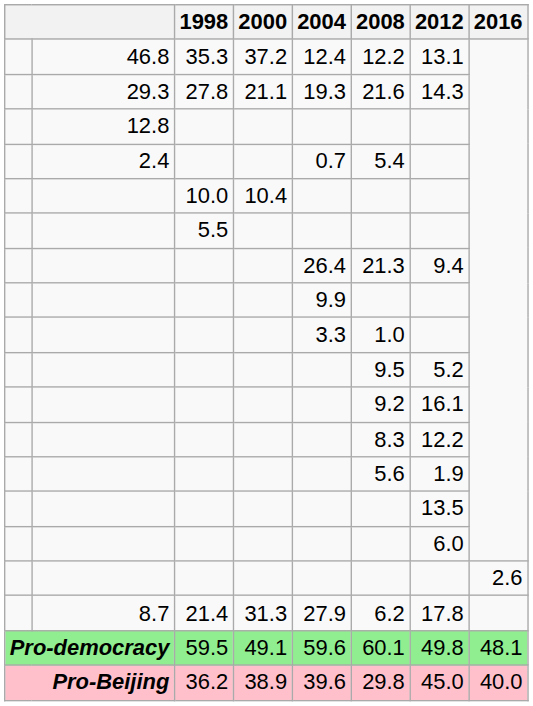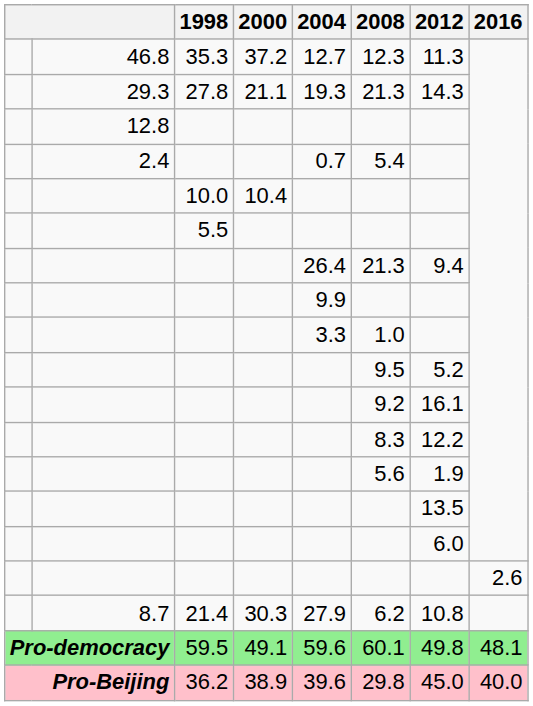 <table class="wikitable" style="text-align: right;">
 <tr bgcolor="#CCCCCC">
 <th colspan=2></th>
 <th>1998</th>
 <th>2000</th>
 <th>2004</th>
 <th>2008</th>
 <th>2012</th>
 <th>2016</th>
 </tr>
 <tr>
 <td></td>
 <td>46.8</td>
 <td>35.3</td>
 <td>37.2</td>
-<td>12.4</td>
-<td>12.2</td>
-<td>13.1</td>
+<td>12.7</td>
+<td>12.3</td>
+<td>11.3</td>
 </tr>
 <tr>
 <td></td>
 <td>29.3</td>
 <td>27.8</td>
 <td>21.1</td>
 <td>19.3</td>
-<td>21.6</td>
+<td>21.3</td>
 <td>14.3</td>
 </tr>
 <tr>
 <td></td>
 <td>12.8</td>
 <td></td>
 <td></td>
 <td></td>
 <td></td>
 <td></td>
 </tr>
 <tr>
 <td></td>
 <td>2.4</td>
 <td></td>
 <td></td>
 <td>0.7</td>
 <td>5.4</td>
 <td></td>
 </tr>
 <tr>
 <td></td>
 <td></td>
 <td>10.0</td>
 <td>10.4</td>
 <td></td>
 <td></td>
 <td></td>
 </tr>
 <tr>
 <td></td>
 <td></td>
 <td>5.5</td>
 <td></td>
 <td></td>
 <td></td>
 <td></td>
 </tr>
 <tr>
 <td></td>
 <td></td>
 <td></td>
 <td></td>
 <td>26.4</td>
 <td>21.3</td>
 <td>9.4</td>
 </tr>
 <tr>
 <td></td>
 <td></td>
 <td></td>
 <td></td>
 <td>9.9</td>
 <td></td>
 <td></td>
 </tr>
 <tr>
 <td></td>
 <td></td>
 <td></td>
 <td></td>
 <td>3.3</td>
 <td>1.0</td>
 <td></td>
 </tr>
 <tr>
 <td></td>
 <td></td>
 <td></td>
 <td></td>
 <td></td>
 <td>9.5</td>
 <td>5.2</td>
 </tr>
 <tr>
 <td></td>
 <td></td>
 <td></td>
 <td></td>
 <td></td>
 <td>9.2</td>
 <td>16.1</td>
 </tr>
 <tr>
 <td></td>
 <td></td>
 <td></td>
 <td></td>
 <td></td>
 <td>8.3</td>
 <td>12.2</td>
 </tr>
 <tr>
 <td></td>
 <td></td>
 <td></td>
 <td></td>
 <td></td>
 <td>5.6</td>
 <td>1.9</td>
 </tr>
 <tr>
 <td></td>
 <td></td>
 <td></td>
 <td></td>
 <td></td>
 <td></td>
 <td>13.5</td>
 </tr>
 <tr>
 <td></td>
 <td></td>
 <td></td>
 <td></td>
 <td></td>
 <td></td>
 <td>6.0</td>
 </tr>
 <tr>
 <td></td>
 <td></td>
 <td></td>
 <td></td>
 <td></td>
 <td></td>
 <td></td>
 <td>2.6</td>
 </tr>
 <tr>
 <td></td>
 <td>8.7</td>
 <td>21.4</td>
-<td>31.3</td>
+<td>30.3</td>
 <td>27.9</td>
 <td>6.2</td>
-<td>17.8</td>
+<td>10.8</td>
 </tr>
 <tr bgcolor=lightgreen>
 <td colspan=2><strong><em>Pro-democracy</em></strong></td>
 <td>59.5</td>
 <td>49.1</td>
 <td>59.6</td>
 <td>60.1</td>
 <td>49.8</td>
 <td>48.1</td>
 </tr>
 <tr bgcolor=pink>
 <td colspan=2><strong><em>Pro-Beijing</em></strong></td>
 <td>36.2</td>
 <td>38.9</td>
 <td>39.6</td>
 <td>29.8</td>
 <td>45.0</td>
 <td>40.0</td>
 </tr>
 </table>
